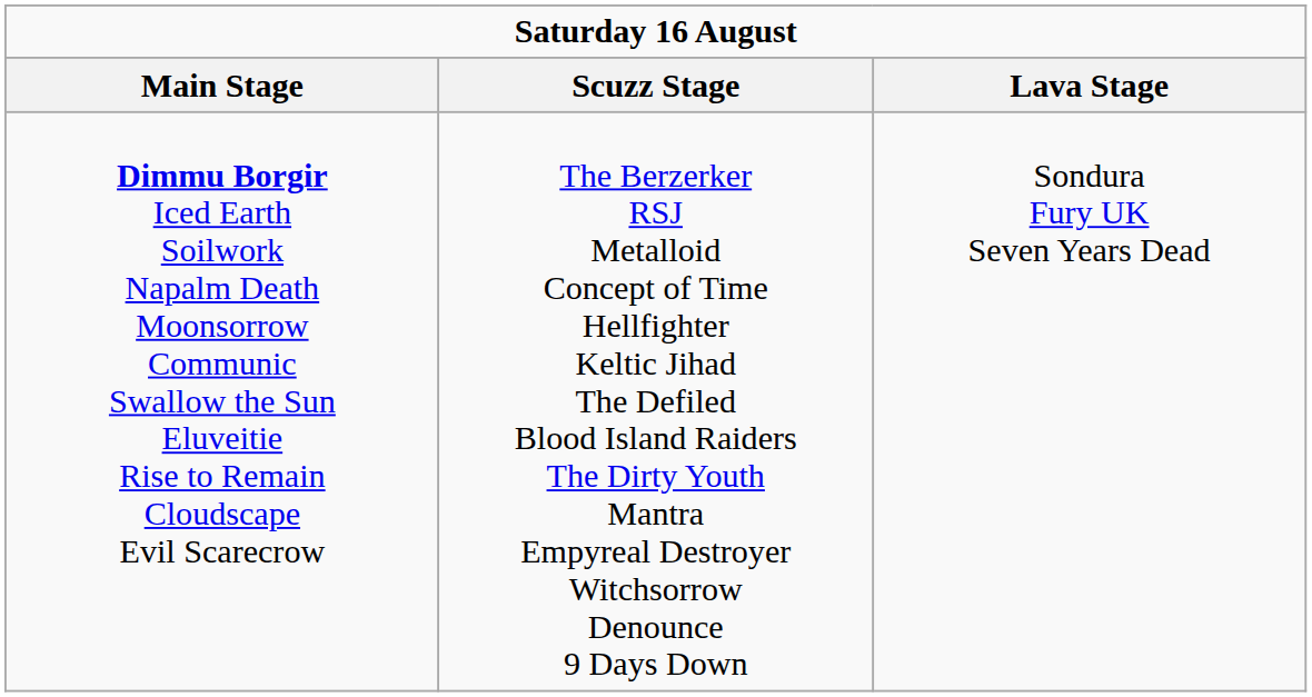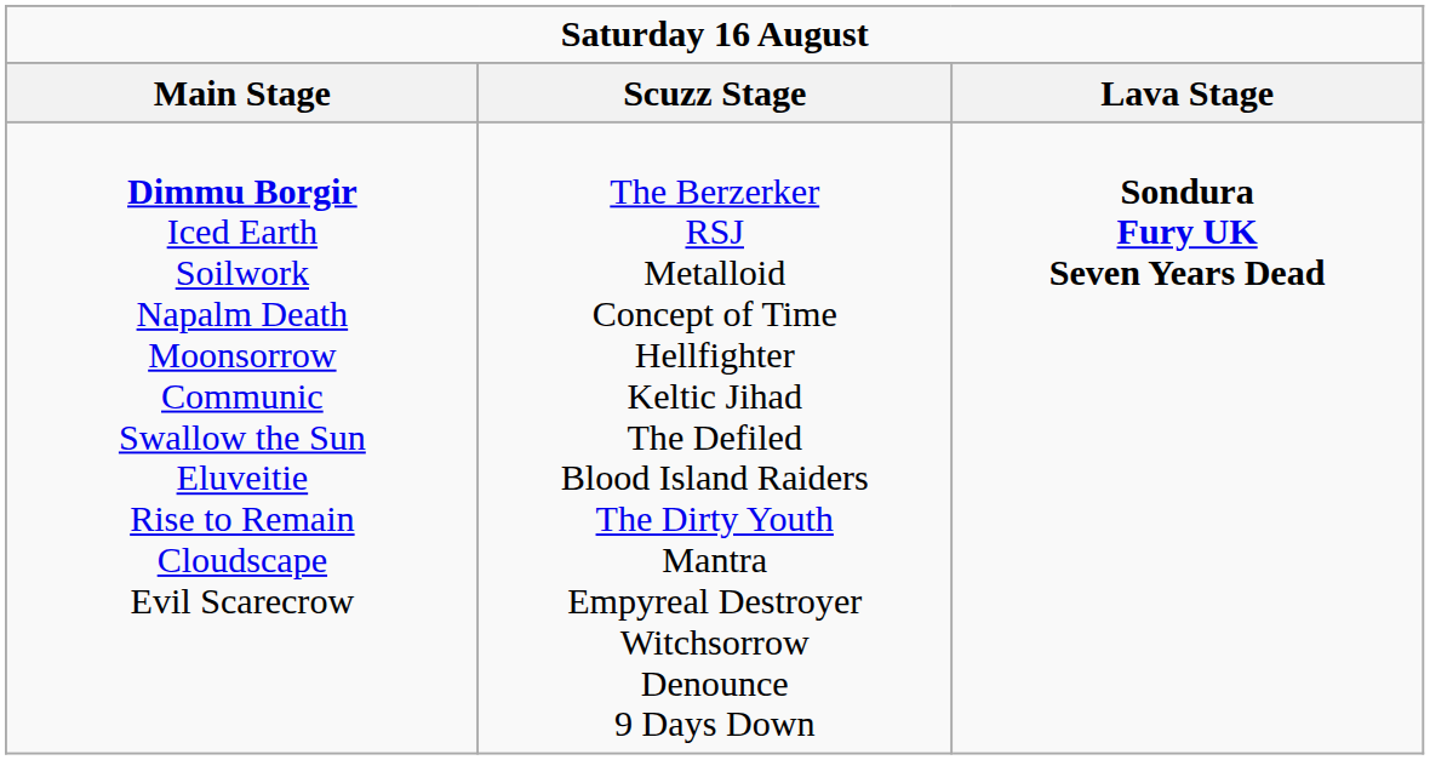 <table class="wikitable">
 <tr>
 <td colspan="3" align="center"><strong>Saturday 16 August</strong></td>
 </tr>
 <tr>
 <th>Main Stage</th>
 <th>Scuzz Stage</th>
 <th>Lava Stage</th>
 </tr>
 <tr>
 <td valign="top" align="center" width=200><br><strong><a href='#'>Dimmu Borgir</a></strong><br> <a href='#'>Iced Earth</a><br> <a href='#'>Soilwork</a><br> <a href='#'>Napalm Death</a><br> <a href='#'>Moonsorrow</a><br> <a href='#'>Communic</a><br> <a href='#'>Swallow the Sun</a><br> <a href='#'>Eluveitie</a><br> <a href='#'>Rise to Remain</a><br> <a href='#'>Cloudscape</a><br> Evil Scarecrow<br></td>
 <td valign="top" align="center" width=200><br><a href='#'>The Berzerker</a><br> <a href='#'>RSJ</a><br> Metalloid<br> Concept of Time<br> Hellfighter<br> Keltic Jihad<br> The Defiled<br> Blood Island Raiders<br> <a href='#'>The Dirty Youth</a><br> Mantra<br> Empyreal Destroyer<br> Witchsorrow<br> Denounce<br> 9 Days Down<br></td>
-<td valign="top" align="center" width=200><br>Sondura<br> <a href='#'>Fury UK</a><br> Seven Years Dead<br></td>
+<td valign="top" align="center" width=200><strong><br>Sondura<br> <a href='#'>Fury UK</a><br> Seven Years Dead<br></strong></td>
 </tr>
 </table>
